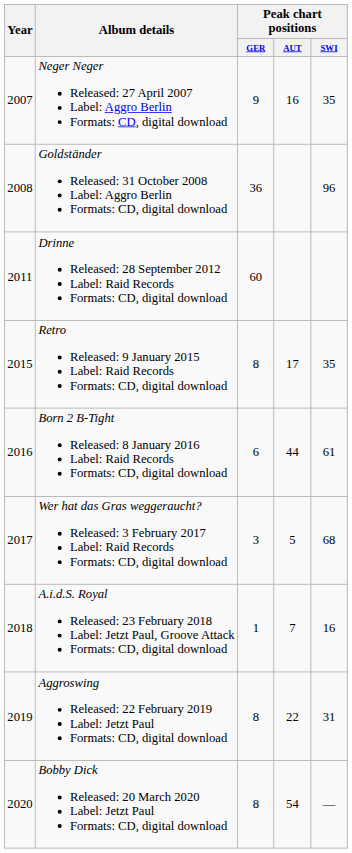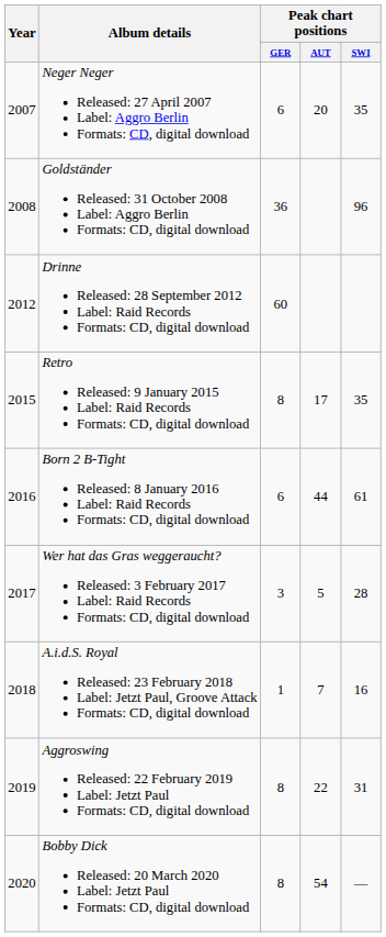 <table class="wikitable" style="text-align:center;">
 <tr>
 <th rowspan="2">Year</th>
 <th rowspan="2">Album details</th>
 <th colspan="3">Peak chart positions</th>
 </tr>
 <tr style="font-size:smaller;">
 <th style="width:40px;"><small><a href='#'>GER</a><br></small></th>
 <th style="width:40px;"><small><a href='#'>AUT</a></small><br></th>
 <th style="width:40px;"><small><a href='#'>SWI</a></small><br></th>
 </tr>
 <tr>
 <td>2007</td>
 <td align="left"><em>Neger Neger</em><br><ul><li>Released: 27 April 2007</li><li>Label: <a href='#'>Aggro Berlin</a></li><li>Formats: <a href='#'>CD</a>, digital download</li></ul></td>
-<td style="text-align:center;">9</td>
-<td style="text-align:center;">16</td>
+<td style="text-align:center;">6</td>
+<td style="text-align:center;">20</td>
 <td style="text-align:center;">35</td>
 </tr>
 <tr>
 <td>2008</td>
 <td align="left"><em>Goldständer</em><br><ul><li>Released: 31 October 2008</li><li>Label: Aggro Berlin</li><li>Formats: CD, digital download</li></ul></td>
 <td style="text-align:center;">36</td>
 <td></td>
 <td style="text-align:center;">96</td>
 </tr>
 <tr>
-<td>2011</td>
+<td>2012</td>
 <td align="left"><em>Drinne</em><br><ul><li>Released: 28 September 2012</li><li>Label: Raid Records</li><li>Formats: CD, digital download</li></ul></td>
 <td style="text-align:center;">60</td>
 <td></td>
 <td></td>
 </tr>
 <tr>
 <td>2015</td>
 <td align="left"><em>Retro</em><br><ul><li>Released: 9 January 2015</li><li>Label: Raid Records</li><li>Formats: CD, digital download</li></ul></td>
 <td style="text-align:center;">8</td>
 <td style="text-align:center;">17</td>
 <td style="text-align:center;">35</td>
 </tr>
 <tr>
 <td>2016</td>
 <td align="left"><em>Born 2 B-Tight</em><br><ul><li>Released: 8 January 2016</li><li>Label: Raid Records</li><li>Formats: CD, digital download</li></ul></td>
 <td style="text-align:center;">6</td>
 <td style="text-align:center;">44</td>
 <td style="text-align:center;">61</td>
 </tr>
 <tr>
 <td>2017</td>
 <td align="left"><em>Wer hat das Gras weggeraucht?</em><br><ul><li>Released: 3 February 2017</li><li>Label: Raid Records</li><li>Formats: CD, digital download</li></ul></td>
 <td style="text-align:center;">3</td>
 <td style="text-align:center;">5</td>
-<td style="text-align:center;">68</td>
+<td style="text-align:center;">28</td>
 </tr>
 <tr>
 <td>2018</td>
 <td align="left"><em>A.i.d.S. Royal</em><br><ul><li>Released: 23 February 2018</li><li>Label: Jetzt Paul, Groove Attack</li><li>Formats: CD, digital download</li></ul></td>
 <td style="text-align:center;">1</td>
 <td style="text-align:center;">7</td>
 <td style="text-align:center;">16</td>
 </tr>
 <tr>
 <td>2019</td>
 <td align="left"><em>Aggroswing</em><br><ul><li>Released: 22 February 2019</li><li>Label: Jetzt Paul</li><li>Formats: CD, digital download</li></ul></td>
 <td style="text-align:center;">8</td>
 <td style="text-align:center;">22</td>
 <td style="text-align:center;">31</td>
 </tr>
 <tr>
 <td>2020</td>
 <td align="left"><em>Bobby Dick</em><br><ul><li>Released: 20 March 2020</li><li>Label: Jetzt Paul</li><li>Formats: CD, digital download</li></ul></td>
 <td style="text-align:center;">8</td>
 <td style="text-align:center;">54</td>
 <td style="text-align:center;">—</td>
 </tr>
 </table>
